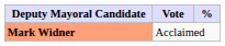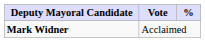 <table class="wikitable">
 <tr>
 <th style="background:#ddf; width:200px;">Deputy Mayoral Candidate</th>
 <th style="background:#ddf; width:50px;">Vote</th>
 <th style="background:#ddf; width:30px;">%</th>
 </tr>
 <tr>
-<td style="background: lightsalmon;"><strong>Mark Widner</strong></td>
+<td><strong>Mark Widner</strong></td>
 <td colspan="2">Acclaimed</td>
 </tr>
 </table>
